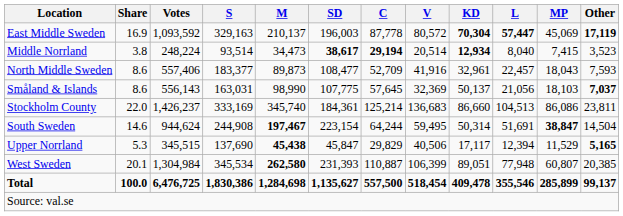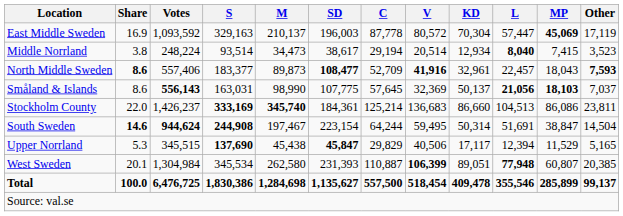 <table class="wikitable sortable" style=text-align:right>
 <tr>
 <th>Location</th>
 <th>Share</th>
 <th>Votes</th>
 <th><a href='#'>S</a></th>
 <th><a href='#'>M</a></th>
 <th><a href='#'>SD</a></th>
 <th><a href='#'>C</a></th>
 <th><a href='#'>V</a></th>
 <th><a href='#'>KD</a></th>
 <th><a href='#'>L</a></th>
 <th><a href='#'>MP</a></th>
 <th>Other</th>
 </tr>
 <tr>
 <td align=left><a href='#'>East Middle Sweden</a></td>
 <td>16.9</td>
 <td>1,093,592</td>
 <td>329,163</td>
 <td>210,137</td>
 <td>196,003</td>
 <td>87,778</td>
 <td>80,572</td>
-<td><strong>70,304</strong></td>
-<td><strong>57,447</strong></td>
-<td>45,069</td>
-<td><strong>17,119</strong></td>
+<td>70,304</td>
+<td>57,447</td>
+<td><strong>45,069</strong></td>
+<td>17,119</td>
 </tr>
 <tr>
 <td align=left><a href='#'>Middle Norrland</a></td>
 <td>3.8</td>
 <td>248,224</td>
 <td>93,514</td>
 <td>34,473</td>
-<td><strong>38,617</strong></td>
-<td><strong>29,194</strong></td>
+<td>38,617</td>
+<td>29,194</td>
 <td>20,514</td>
-<td><strong>12,934</strong></td>
-<td>8,040</td>
+<td>12,934</td>
+<td><strong>8,040</strong></td>
 <td>7,415</td>
 <td>3,523</td>
 </tr>
 <tr>
 <td align=left><a href='#'>North Middle Sweden</a></td>
-<td>8.6</td>
+<td><strong>8.6</strong></td>
 <td>557,406</td>
 <td>183,377</td>
 <td>89,873</td>
-<td>108,477</td>
+<td><strong>108,477</strong></td>
 <td>52,709</td>
-<td>41,916</td>
+<td><strong>41,916</strong></td>
 <td>32,961</td>
 <td>22,457</td>
 <td>18,043</td>
-<td>7,593</td>
+<td><strong>7,593</strong></td>
 </tr>
 <tr>
 <td align=left><a href='#'>Småland & Islands</a></td>
 <td>8.6</td>
-<td>556,143</td>
+<td><strong>556,143</strong></td>
 <td>163,031</td>
 <td>98,990</td>
 <td>107,775</td>
 <td>57,645</td>
 <td>32,369</td>
 <td>50,137</td>
-<td>21,056</td>
-<td>18,103</td>
-<td><strong>7,037</strong></td>
+<td><strong>21,056</strong></td>
+<td><strong>18,103</strong></td>
+<td>7,037</td>
 </tr>
 <tr>
 <td align=left><a href='#'>Stockholm County</a></td>
 <td>22.0</td>
 <td>1,426,237</td>
-<td>333,169</td>
-<td>345,740</td>
+<td><strong>333,169</strong></td>
+<td><strong>345,740</strong></td>
 <td>184,361</td>
 <td>125,214</td>
 <td>136,683</td>
 <td>86,660</td>
 <td>104,513</td>
 <td>86,086</td>
 <td>23,811</td>
 </tr>
 <tr>
 <td align=left><a href='#'>South Sweden</a></td>
-<td>14.6</td>
-<td>944,624</td>
-<td>244,908</td>
-<td><strong>197,467</strong></td>
+<td><strong>14.6</strong></td>
+<td><strong>944,624</strong></td>
+<td><strong>244,908</strong></td>
+<td>197,467</td>
 <td>223,154</td>
 <td>64,244</td>
 <td>59,495</td>
 <td>50,314</td>
 <td>51,691</td>
-<td><strong>38,847</strong></td>
+<td>38,847</td>
 <td>14,504</td>
 </tr>
 <tr>
 <td align=left><a href='#'>Upper Norrland</a></td>
 <td>5.3</td>
 <td>345,515</td>
-<td>137,690</td>
-<td><strong>45,438</strong></td>
-<td>45,847</td>
+<td><strong>137,690</strong></td>
+<td>45,438</td>
+<td><strong>45,847</strong></td>
 <td>29,829</td>
 <td>40,506</td>
 <td>17,117</td>
 <td>12,394</td>
 <td>11,529</td>
-<td><strong>5,165</strong></td>
+<td>5,165</td>
 </tr>
 <tr>
 <td align=left><a href='#'>West Sweden</a></td>
 <td>20.1</td>
 <td>1,304,984</td>
 <td>345,534</td>
-<td><strong>262,580</strong></td>
+<td>262,580</td>
 <td>231,393</td>
 <td>110,887</td>
-<td>106,399</td>
+<td><strong>106,399</strong></td>
 <td>89,051</td>
-<td>77,948</td>
+<td><strong>77,948</strong></td>
 <td>60,807</td>
 <td>20,385</td>
 </tr>
 <tr>
 <td align=left><strong>Total</strong></td>
 <td><strong>100.0</strong></td>
 <td><strong>6,476,725</strong></td>
 <td><strong>1,830,386</strong></td>
 <td><strong>1,284,698</strong></td>
 <td><strong>1,135,627</strong></td>
 <td><strong>557,500</strong></td>
 <td><strong>518,454</strong></td>
 <td><strong>409,478</strong></td>
 <td><strong>355,546</strong></td>
 <td><strong>285,899</strong></td>
 <td><strong>99,137</strong></td>
 </tr>
 <tr>
 <td align=left colspan=12>Source: val.se </td>
 </tr>
 </table>
